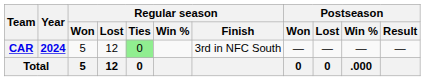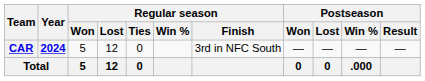 <table class="wikitable" style="text-align:center;">
 <tr>
 <th rowspan="2">Team</th>
 <th rowspan="2">Year</th>
 <th colspan="5">Regular season</th>
 <th colspan="4">Postseason</th>
 </tr>
 <tr>
 <th>Won</th>
 <th>Lost</th>
 <th>Ties</th>
 <th>Win %</th>
 <th>Finish</th>
 <th>Won</th>
 <th>Lost</th>
 <th>Win %</th>
 <th>Result</th>
 </tr>
 <tr>
 <th><a href='#'>CAR</a></th>
 <th><a href='#'>2024</a></th>
 <td>5</td>
 <td>12</td>
-<td style="background: lightgreen;">0</td>
+<td>0</td>
 <td></td>
 <td>3rd in NFC South</td>
 <td>—</td>
 <td>—</td>
 <td>—</td>
 <td>—</td>
 </tr>
 <tr>
 <th colspan="2">Total</th>
 <th>5</th>
 <th>12</th>
 <th>0</th>
 <th></th>
 <th></th>
 <th>0</th>
 <th>0</th>
 <th>.000</th>
 <th></th>
 </tr>
 </table>
